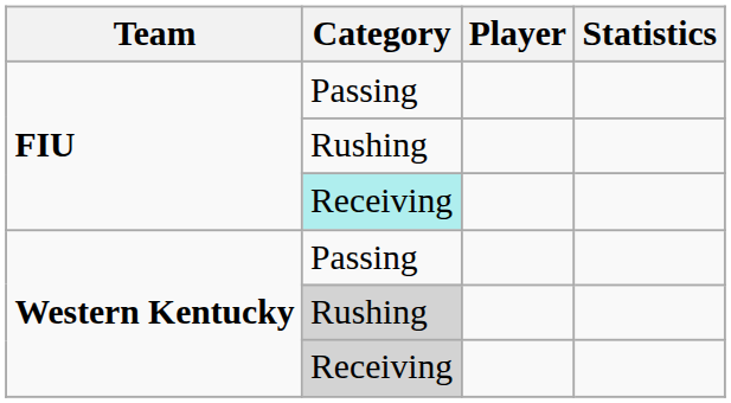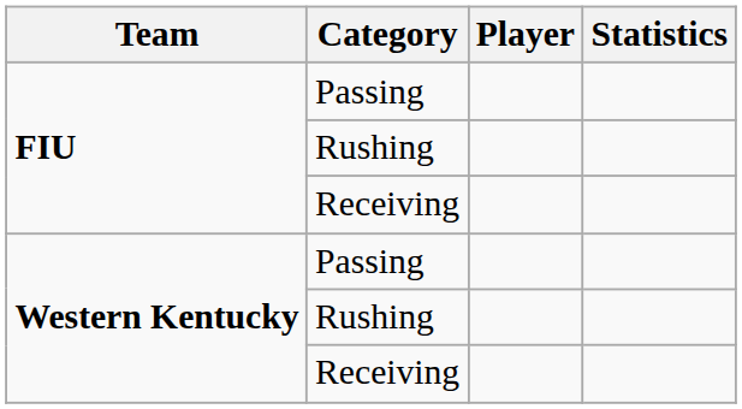 <table class="wikitable" style="float: right;">
 <tr>
 <th>Team</th>
 <th>Category</th>
 <th>Player</th>
 <th>Statistics</th>
 </tr>
 <tr>
 <td rowspan=3><strong>FIU</strong></td>
 <td>Passing</td>
 <td></td>
 <td></td>
 </tr>
 <tr>
 <td>Rushing</td>
 <td></td>
 <td></td>
 </tr>
 <tr>
-<td style="background: paleturquoise;">Receiving</td>
+<td>Receiving</td>
 <td></td>
 <td></td>
 </tr>
 <tr>
 <td rowspan=3><strong>Western Kentucky</strong></td>
 <td>Passing</td>
 <td></td>
 <td></td>
 </tr>
 <tr>
-<td style="background: lightgrey;">Rushing</td>
+<td>Rushing</td>
 <td></td>
 <td></td>
 </tr>
 <tr>
-<td style="background: lightgrey;">Receiving</td>
+<td>Receiving</td>
 <td></td>
 <td></td>
 </tr>
 </table>
